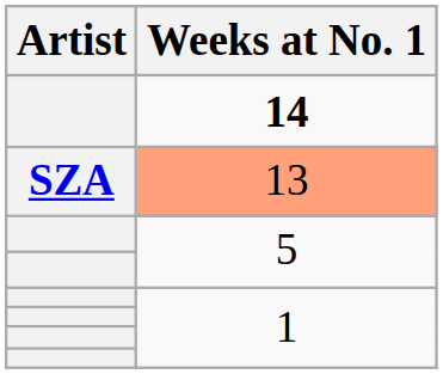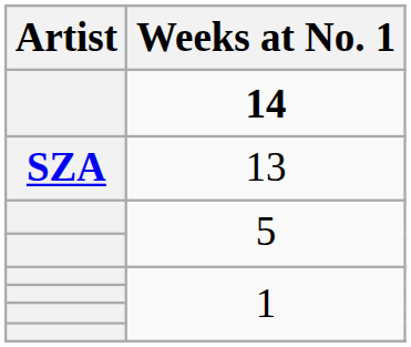 <table class="wikitable sortable plainrowheaders" style="text-align:center;">
 <tr>
 <th scope="col">Artist</th>
 <th scope="col">Weeks at No. 1</th>
 </tr>
 <tr>
 <th scope=row></th>
 <td><strong>14</strong></td>
 </tr>
 <tr>
 <th scope=row><a href='#'>SZA</a></th>
-<td style="background: lightsalmon;">13</td>
+<td>13</td>
 </tr>
 <tr>
 <th scope=row></th>
 <td rowspan=2>5</td>
 </tr>
 <tr>
 <th scope=row></th>
 </tr>
 <tr>
 <th scope=row></th>
 <td rowspan=4>1</td>
 </tr>
 <tr>
 <th scope=row></th>
 </tr>
 <tr>
 <th scope=row></th>
 </tr>
 <tr>
 <th scope=row></th>
 </tr>
 </table>
